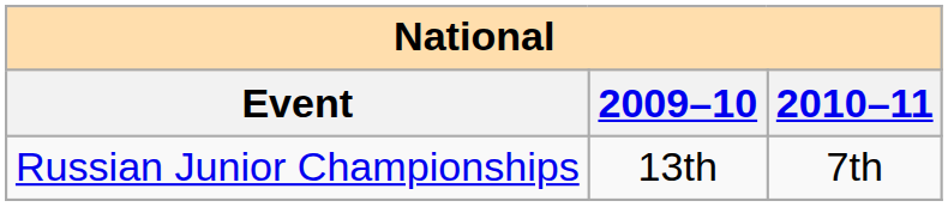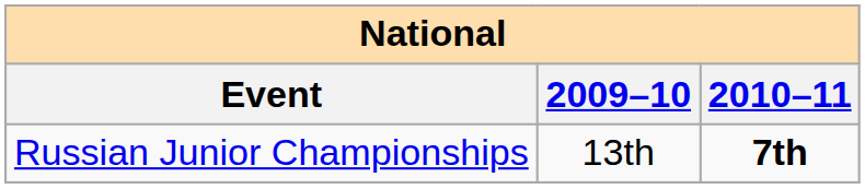 <table class="wikitable" style="text-align:center">
 <tr>
 <th style="background-color: #ffdead; " colspan=3 align=center>National</th>
 </tr>
 <tr>
 <th>Event</th>
 <th><a href='#'>2009–10</a></th>
 <th><a href='#'>2010–11</a></th>
 </tr>
 <tr>
 <td align=left><a href='#'>Russian Junior Championships</a></td>
 <td>13th</td>
-<td>7th</td>
+<td><strong>7th</strong></td>
 </tr>
 </table>
